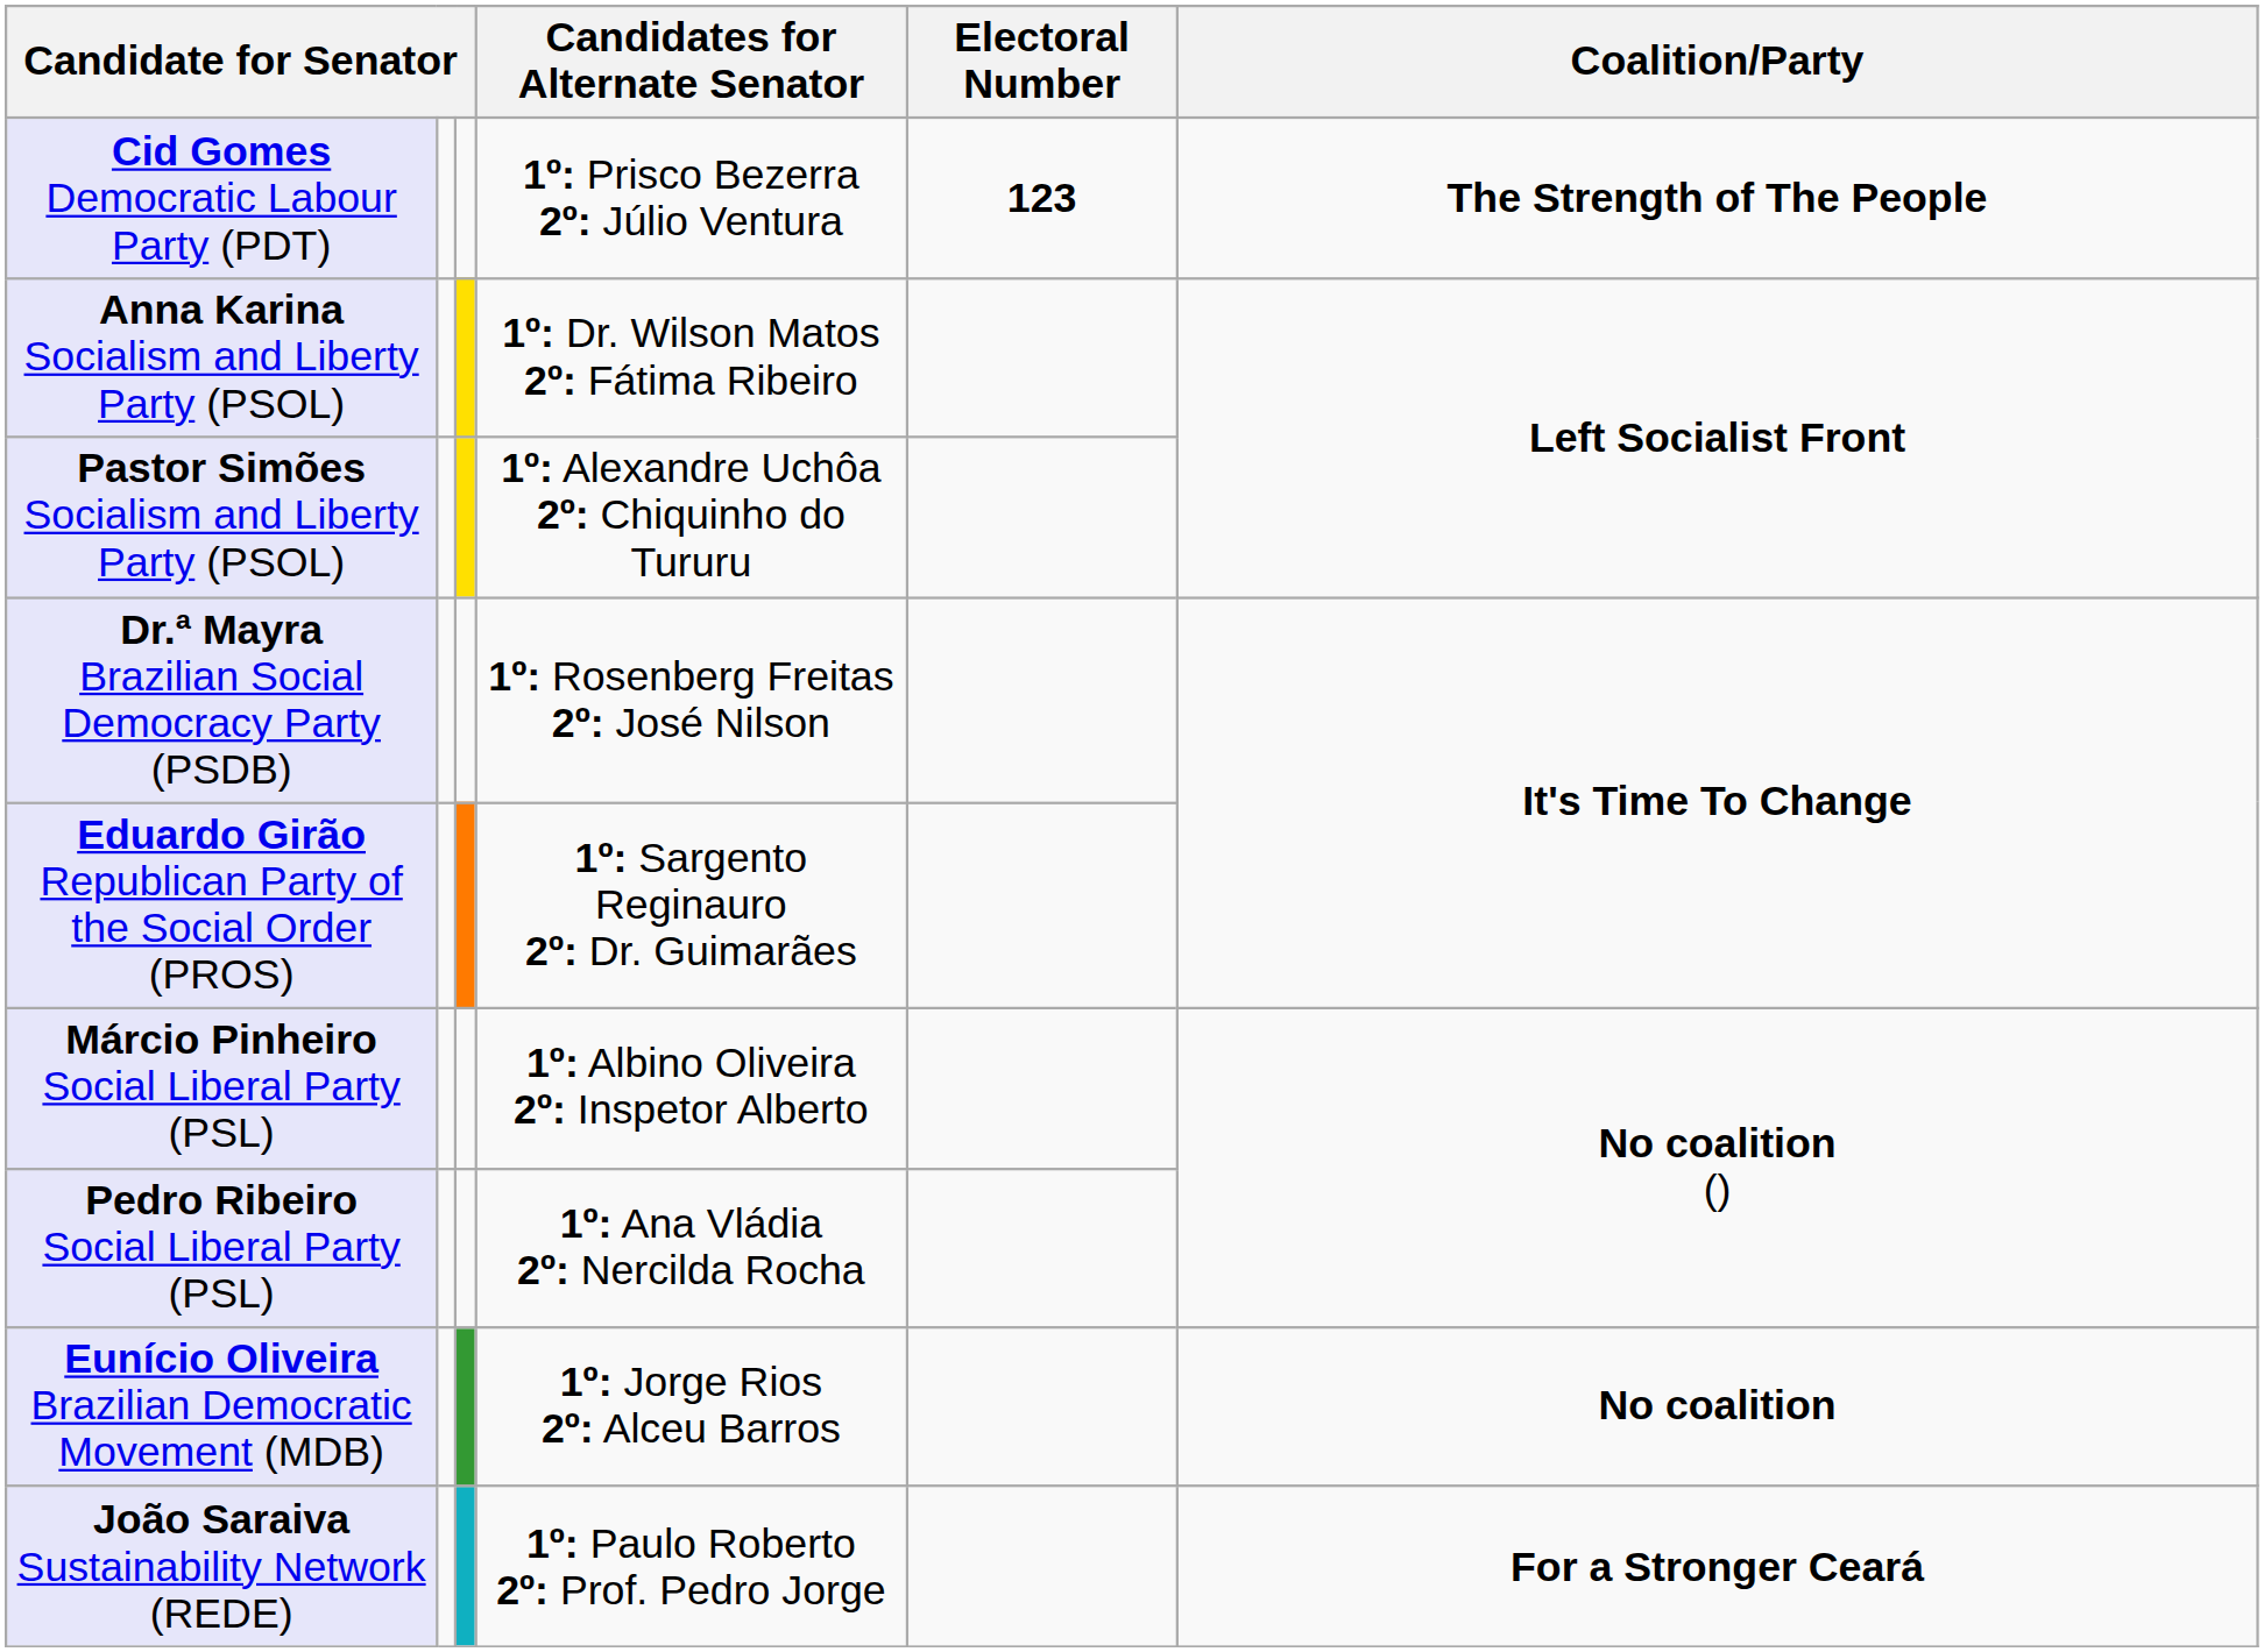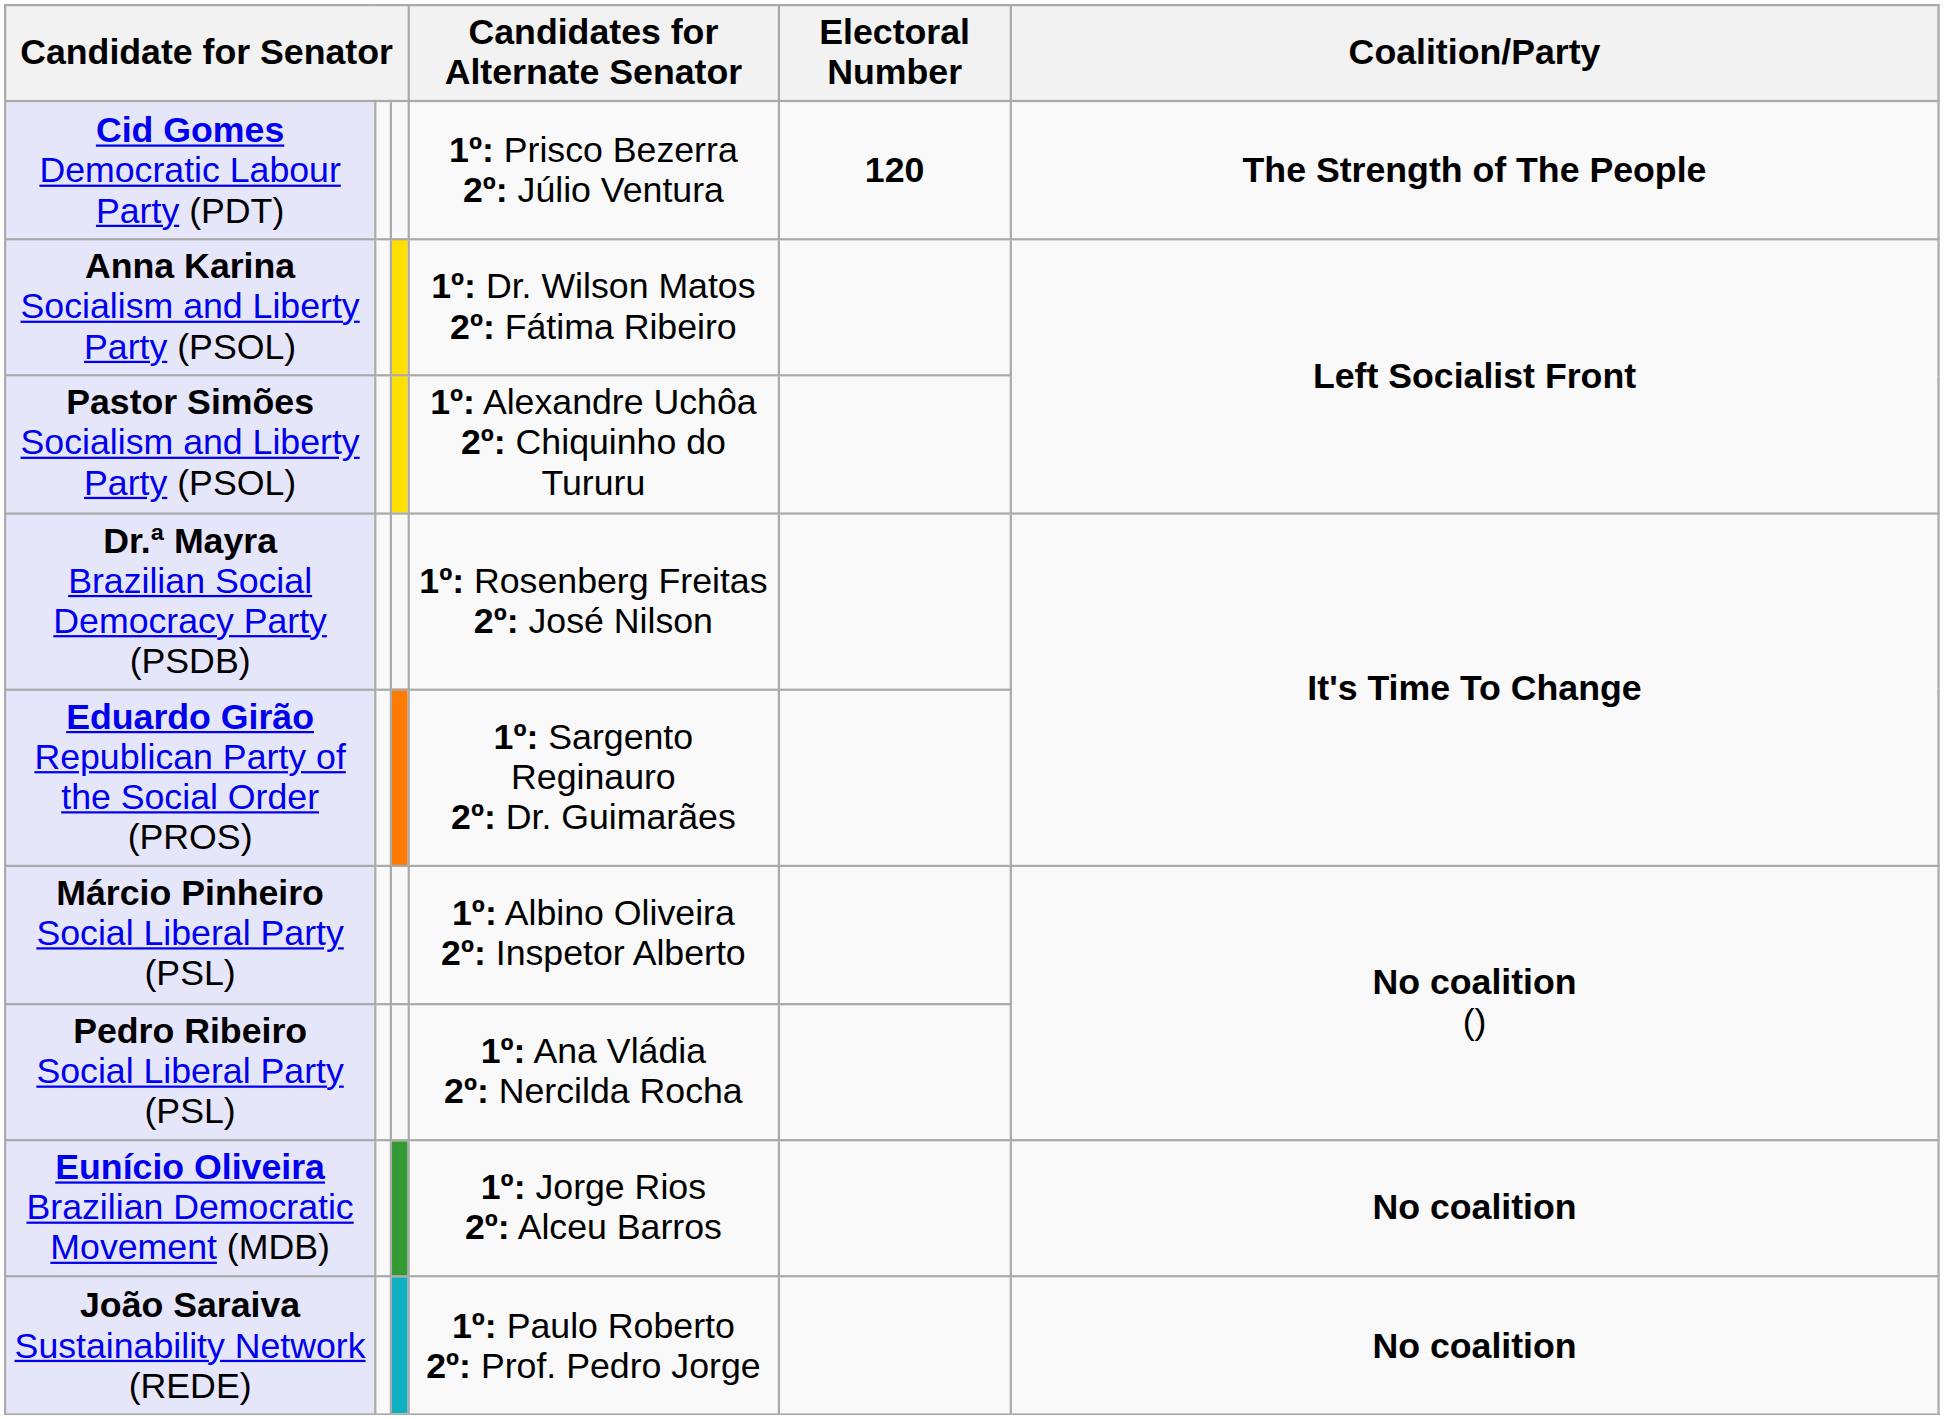 <table class="wikitable" style="text-align:center;">
 <tr>
 <th colspan="3" style="width:20%;">Candidate for Senator</th>
 <th>Candidates for Alternate Senator</th>
 <th>Electoral Number</th>
 <th style="width:48%;">Coalition/Party</th>
 </tr>
 <tr>
 <td style="background:lavender;"><strong><a href='#'>Cid Gomes</a></strong><br><a href='#'>Democratic Labour Party</a> (PDT)</td>
 <td></td>
 <td style="background-color:"></td>
 <td><strong>1º:</strong> Prisco Bezerra <br><strong>2º:</strong> Júlio Ventura </td>
-<td><strong>123</strong></td>
+<td><strong>120</strong></td>
 <td><strong>The Strength of The People</strong><br></td>
 </tr>
 <tr>
 <td style="background:lavender;"><strong>Anna Karina</strong><br><a href='#'>Socialism and Liberty Party</a> (PSOL)</td>
 <td></td>
 <td style="background-color:#FFE000;"></td>
 <td><strong>1º:</strong> Dr. Wilson Matos <br><strong>2º:</strong> Fátima Ribeiro </td>
 <td></td>
 <td rowspan="2"><strong>Left Socialist Front</strong><br></td>
 </tr>
 <tr>
 <td style="background:lavender;"><strong>Pastor Simões</strong><br><a href='#'>Socialism and Liberty Party</a> (PSOL)</td>
 <td></td>
 <td style="background-color:#FFE000"></td>
 <td><strong>1º:</strong> Alexandre Uchôa <br><strong>2º:</strong> Chiquinho do Tururu </td>
 <td></td>
 </tr>
 <tr>
 <td style="background:lavender;"><strong>Dr.ª Mayra</strong><br><a href='#'>Brazilian Social Democracy Party</a> (PSDB)</td>
 <td></td>
 <td style="background-color:"></td>
 <td><strong>1º:</strong> Rosenberg Freitas <br><strong>2º:</strong> José Nilson </td>
 <td></td>
 <td rowspan="2"><strong>It's Time To Change</strong><br></td>
 </tr>
 <tr>
 <td style="background:lavender;"><strong><a href='#'>Eduardo Girão</a></strong><br><a href='#'>Republican Party of the Social Order</a> (PROS)</td>
 <td></td>
 <td style="background-color:#FF7A00"></td>
 <td><strong>1º:</strong> Sargento Reginauro <br><strong>2º:</strong> Dr. Guimarães </td>
 <td></td>
 </tr>
 <tr>
 <td style="background:lavender;"><strong>Márcio Pinheiro</strong><br><a href='#'>Social Liberal Party</a> (PSL)</td>
 <td></td>
 <td style="background-color:"></td>
 <td><strong>1º:</strong> Albino Oliveira <br><strong>2º:</strong> Inspetor Alberto </td>
 <td></td>
 <td rowspan="2"><strong>No coalition</strong><br>()</td>
 </tr>
 <tr>
 <td style="background:lavender;"><strong>Pedro Ribeiro</strong><br><a href='#'>Social Liberal Party</a> (PSL)</td>
 <td></td>
 <td style="background-color:"></td>
 <td><strong>1º:</strong> Ana Vládia <br><strong>2º:</strong> Nercilda Rocha </td>
 <td></td>
 </tr>
 <tr>
 <td style="background:lavender;"><strong><a href='#'>Eunício Oliveira</a></strong><br><a href='#'>Brazilian Democratic Movement</a> (MDB)</td>
 <td></td>
 <td style="background-color:#339933;"></td>
 <td><strong>1º:</strong> Jorge Rios <br><strong>2º:</strong> Alceu Barros </td>
 <td></td>
 <td><strong>No coalition</strong><br></td>
 </tr>
 <tr>
 <td style="background:lavender;"><strong>João Saraiva</strong><br><a href='#'>Sustainability Network</a> (REDE)</td>
 <td></td>
 <td style="background-color:#0FB0C1;"></td>
 <td><strong>1º:</strong> Paulo Roberto <br><strong>2º:</strong> Prof. Pedro Jorge </td>
 <td></td>
-<td><strong>For a Stronger Ceará</strong><br></td>
+<td><strong>No coalition</strong><br></td>
 </tr>
 </table>
